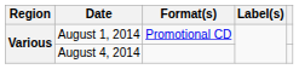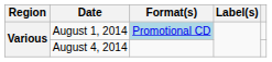 <table class="wikitable plainrowheaders">
 <tr>
 <th>Region</th>
 <th>Date</th>
 <th>Format(s)</th>
 <th>Label(s)</th>
 <th></th>
 </tr>
 <tr>
 <th rowspan="2" scope="row">Various</th>
 <td>August 1, 2014</td>
-<td><a href='#'>Promotional CD</a></td>
+<td style="background: lightblue;"><a href='#'>Promotional CD</a></td>
 <td rowspan="2"></td>
 <td style="text-align: center;"></td>
 </tr>
 <tr>
 <td>August 4, 2014</td>
 <td></td>
 <td style="text-align: center;"></td>
 </tr>
 </table>
